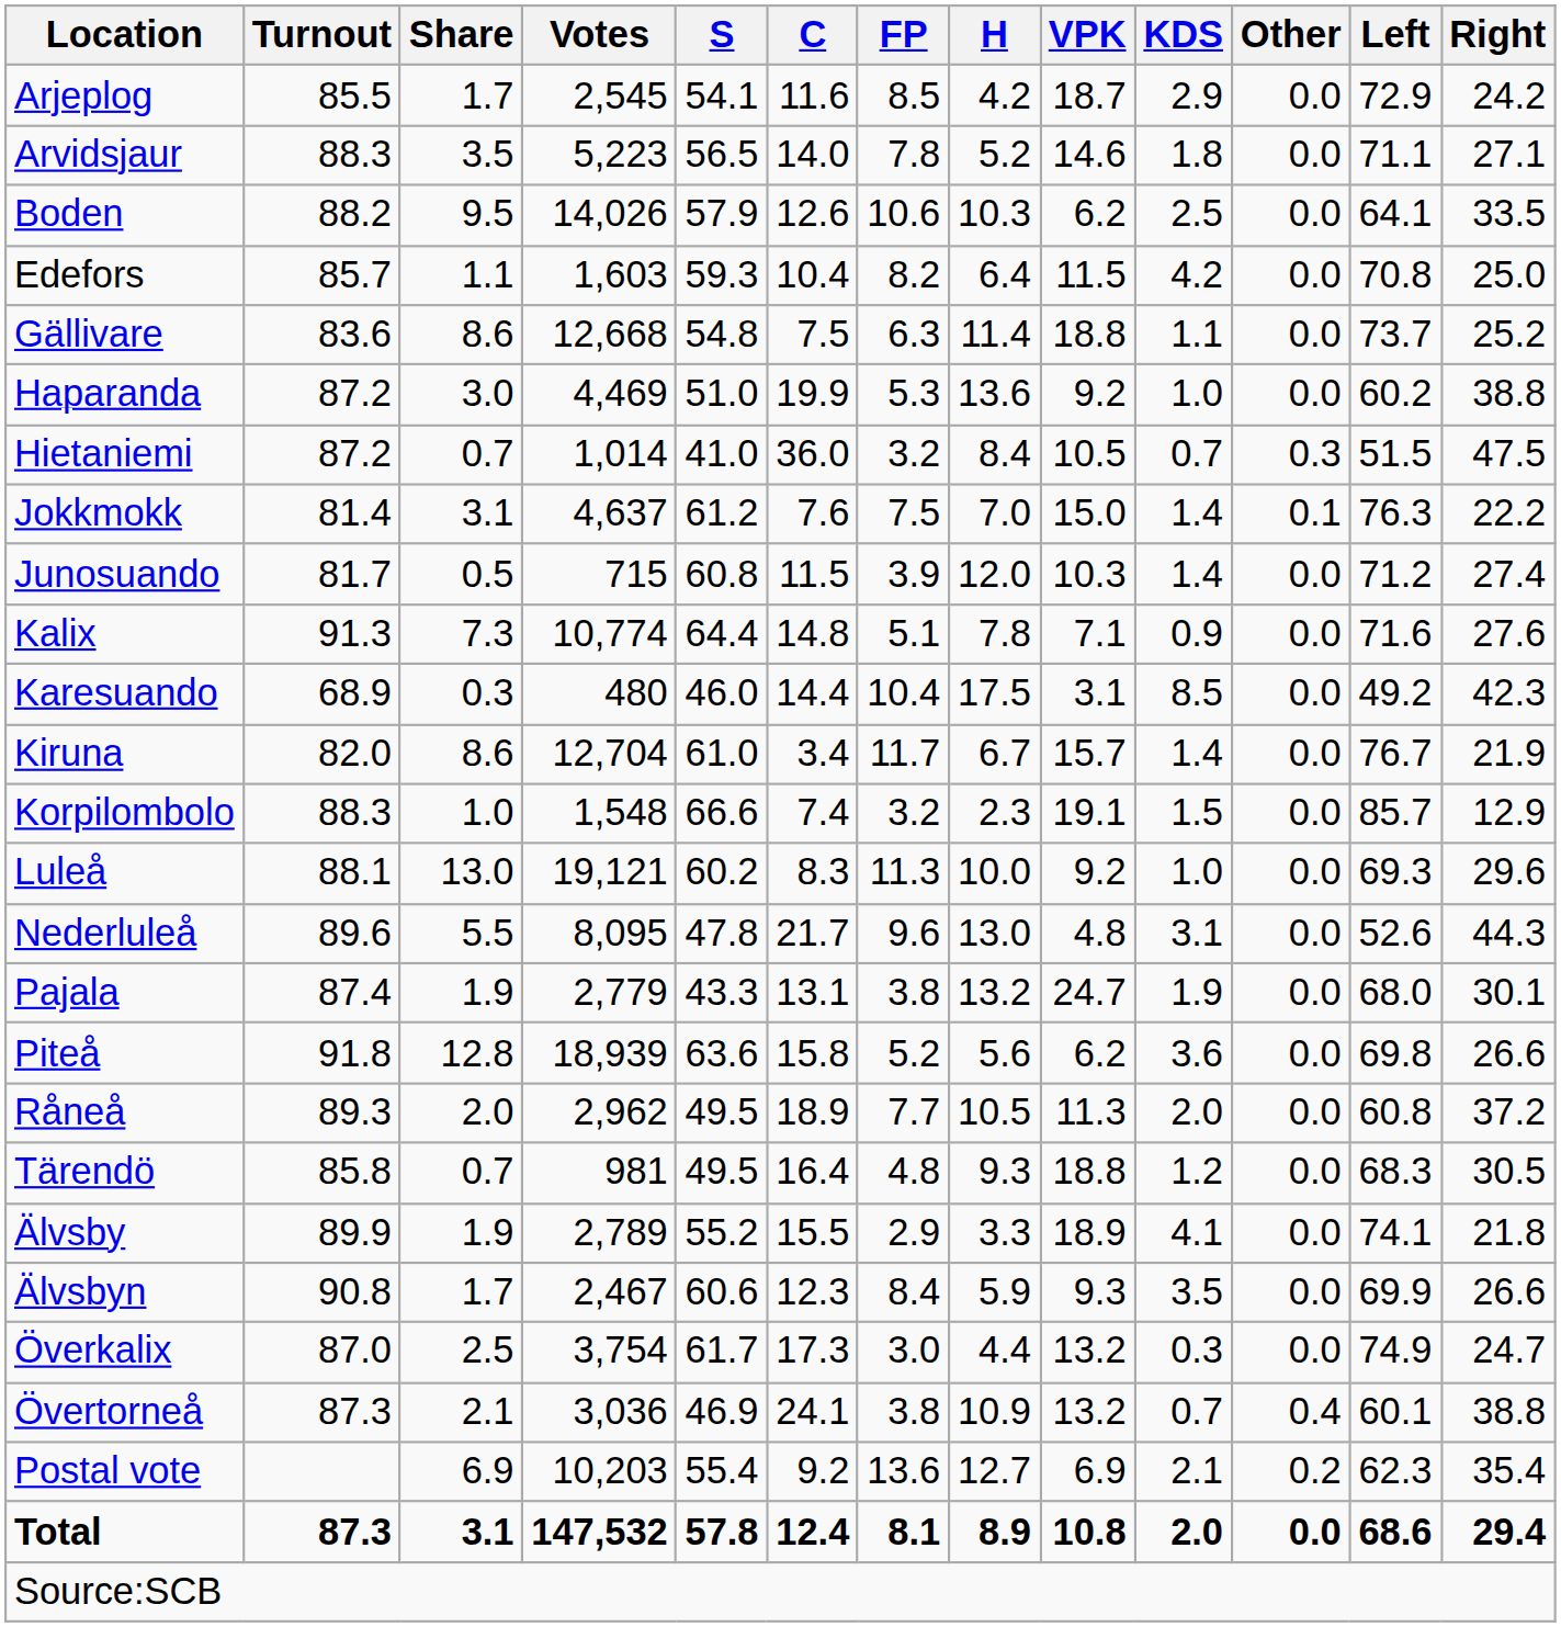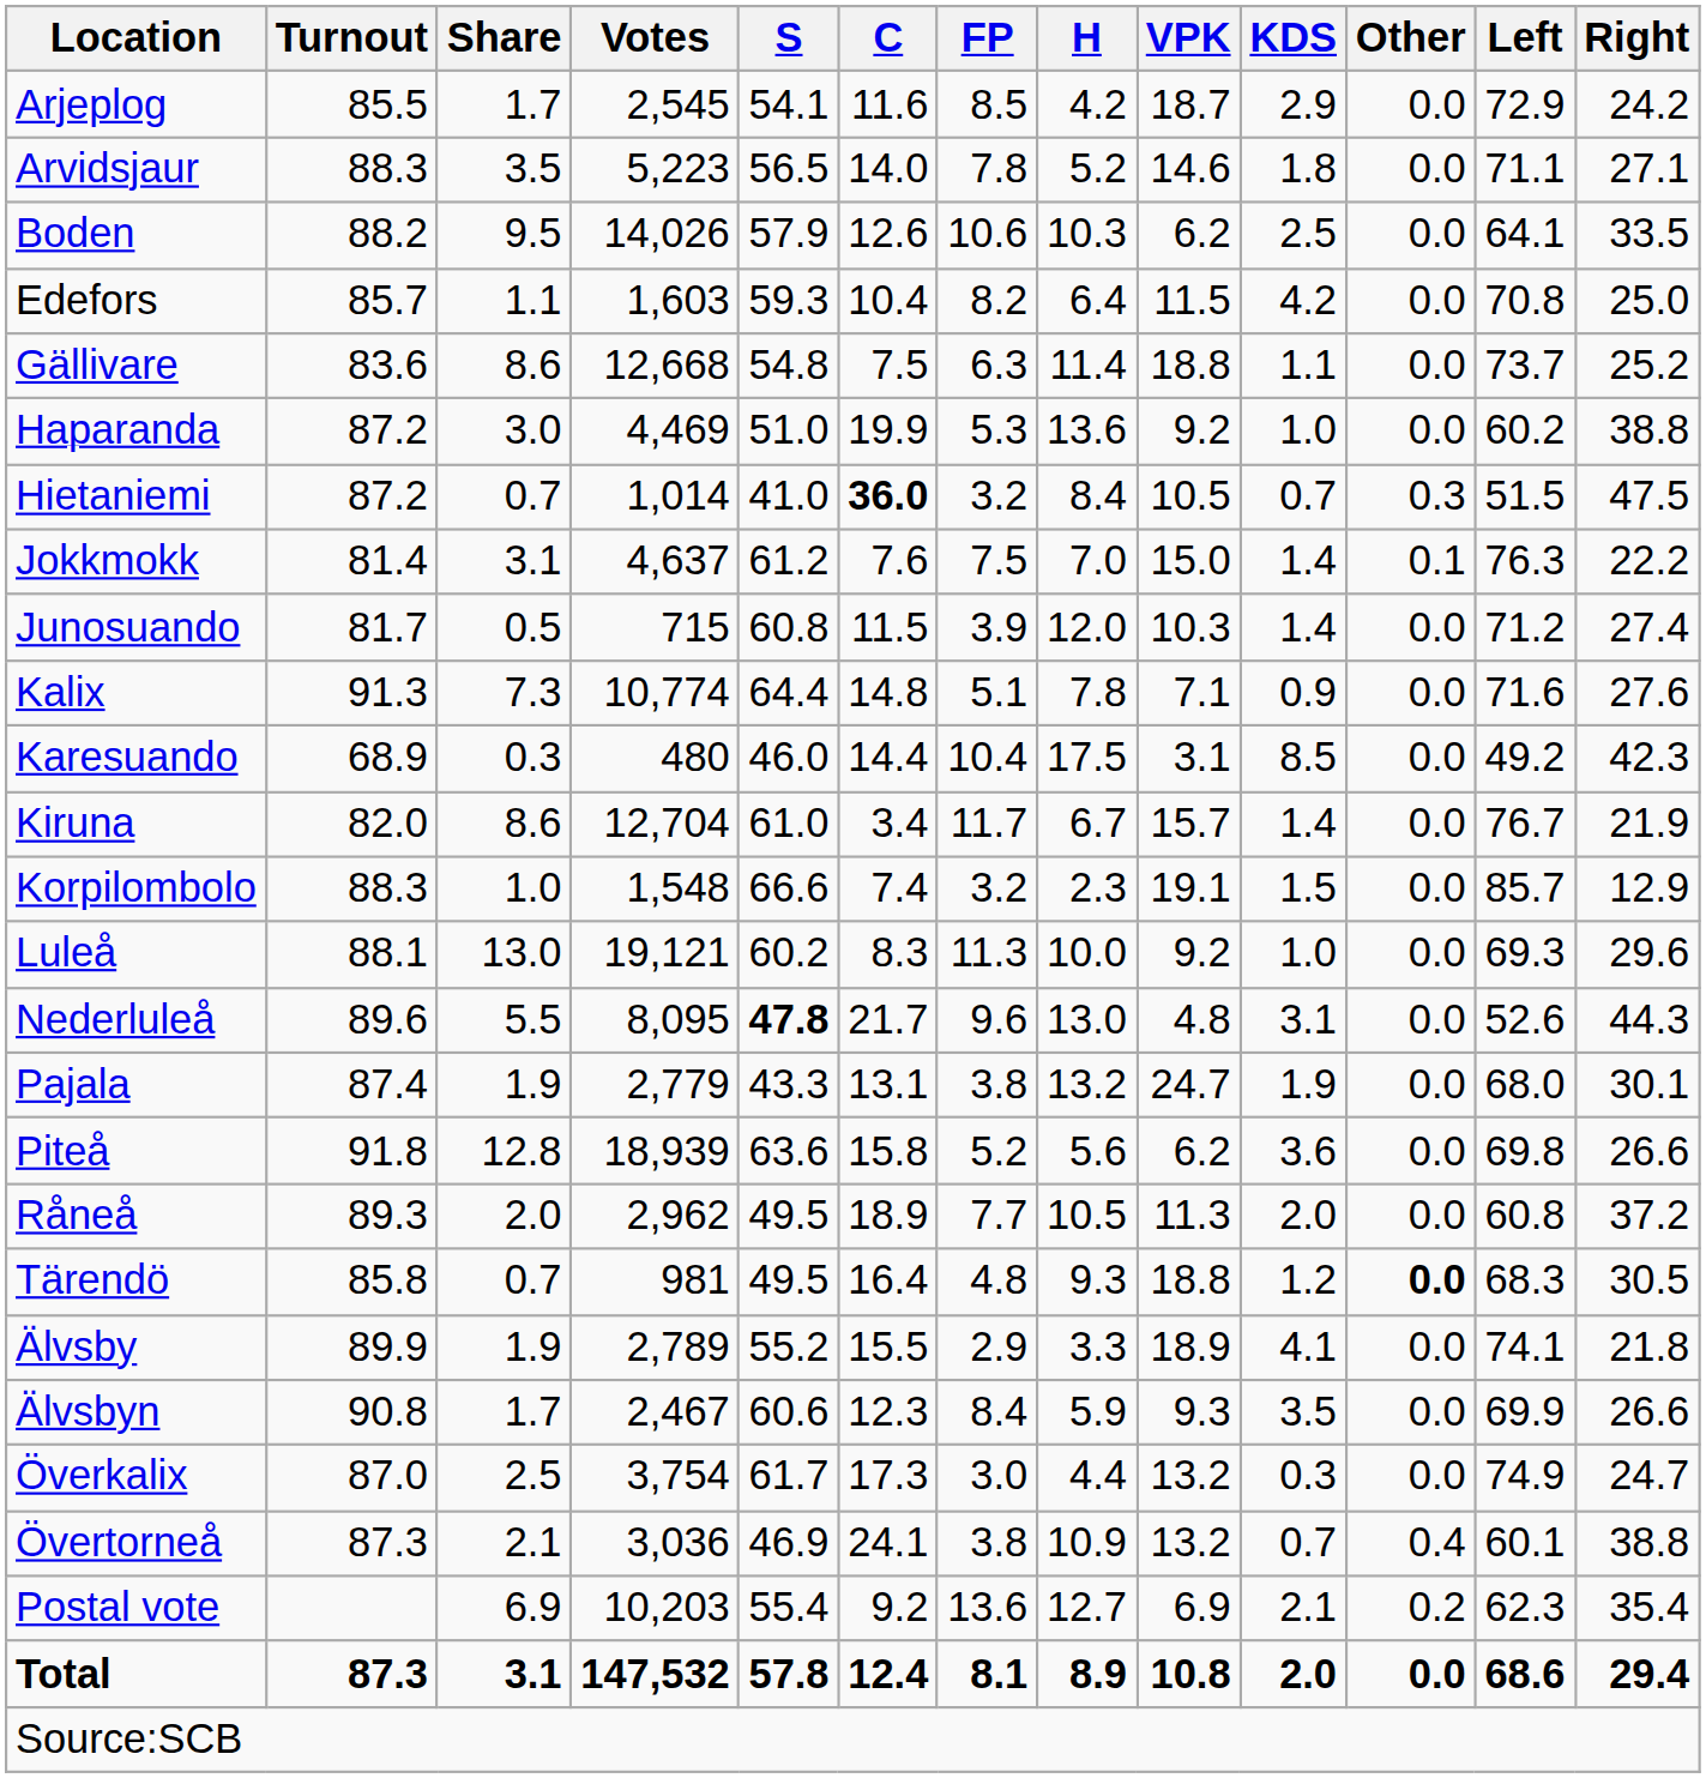 <table class="wikitable sortable" style=text-align:right>
 <tr>
 <th>Location</th>
 <th>Turnout</th>
 <th>Share</th>
 <th>Votes</th>
 <th><a href='#'>S</a></th>
 <th><a href='#'>C</a></th>
 <th><a href='#'>FP</a></th>
 <th><a href='#'>H</a></th>
 <th><a href='#'>VPK</a></th>
 <th><a href='#'>KDS</a></th>
 <th>Other</th>
 <th>Left</th>
 <th>Right</th>
 </tr>
 <tr>
 <td align=left><a href='#'>Arjeplog</a></td>
 <td>85.5</td>
 <td>1.7</td>
 <td>2,545</td>
 <td>54.1</td>
 <td>11.6</td>
 <td>8.5</td>
 <td>4.2</td>
 <td>18.7</td>
 <td>2.9</td>
 <td>0.0</td>
 <td>72.9</td>
 <td>24.2</td>
 </tr>
 <tr>
 <td align=left><a href='#'>Arvidsjaur</a></td>
 <td>88.3</td>
 <td>3.5</td>
 <td>5,223</td>
 <td>56.5</td>
 <td>14.0</td>
 <td>7.8</td>
 <td>5.2</td>
 <td>14.6</td>
 <td>1.8</td>
 <td>0.0</td>
 <td>71.1</td>
 <td>27.1</td>
 </tr>
 <tr>
 <td align=left><a href='#'>Boden</a></td>
 <td>88.2</td>
 <td>9.5</td>
 <td>14,026</td>
 <td>57.9</td>
 <td>12.6</td>
 <td>10.6</td>
 <td>10.3</td>
 <td>6.2</td>
 <td>2.5</td>
 <td>0.0</td>
 <td>64.1</td>
 <td>33.5</td>
 </tr>
 <tr>
 <td align=left>Edefors</td>
 <td>85.7</td>
 <td>1.1</td>
 <td>1,603</td>
 <td>59.3</td>
 <td>10.4</td>
 <td>8.2</td>
 <td>6.4</td>
 <td>11.5</td>
 <td>4.2</td>
 <td>0.0</td>
 <td>70.8</td>
 <td>25.0</td>
 </tr>
 <tr>
 <td align=left><a href='#'>Gällivare</a></td>
 <td>83.6</td>
 <td>8.6</td>
 <td>12,668</td>
 <td>54.8</td>
 <td>7.5</td>
 <td>6.3</td>
 <td>11.4</td>
 <td>18.8</td>
 <td>1.1</td>
 <td>0.0</td>
 <td>73.7</td>
 <td>25.2</td>
 </tr>
 <tr>
 <td align=left><a href='#'>Haparanda</a></td>
 <td>87.2</td>
 <td>3.0</td>
 <td>4,469</td>
 <td>51.0</td>
 <td>19.9</td>
 <td>5.3</td>
 <td>13.6</td>
 <td>9.2</td>
 <td>1.0</td>
 <td>0.0</td>
 <td>60.2</td>
 <td>38.8</td>
 </tr>
 <tr>
 <td align=left><a href='#'>Hietaniemi</a></td>
 <td>87.2</td>
 <td>0.7</td>
 <td>1,014</td>
 <td>41.0</td>
-<td>36.0</td>
+<td><strong>36.0</strong></td>
 <td>3.2</td>
 <td>8.4</td>
 <td>10.5</td>
 <td>0.7</td>
 <td>0.3</td>
 <td>51.5</td>
 <td>47.5</td>
 </tr>
 <tr>
 <td align=left><a href='#'>Jokkmokk</a></td>
 <td>81.4</td>
 <td>3.1</td>
 <td>4,637</td>
 <td>61.2</td>
 <td>7.6</td>
 <td>7.5</td>
 <td>7.0</td>
 <td>15.0</td>
 <td>1.4</td>
 <td>0.1</td>
 <td>76.3</td>
 <td>22.2</td>
 </tr>
 <tr>
 <td align=left><a href='#'>Junosuando</a></td>
 <td>81.7</td>
 <td>0.5</td>
 <td>715</td>
 <td>60.8</td>
 <td>11.5</td>
 <td>3.9</td>
 <td>12.0</td>
 <td>10.3</td>
 <td>1.4</td>
 <td>0.0</td>
 <td>71.2</td>
 <td>27.4</td>
 </tr>
 <tr>
 <td align=left><a href='#'>Kalix</a></td>
 <td>91.3</td>
 <td>7.3</td>
 <td>10,774</td>
 <td>64.4</td>
 <td>14.8</td>
 <td>5.1</td>
 <td>7.8</td>
 <td>7.1</td>
 <td>0.9</td>
 <td>0.0</td>
 <td>71.6</td>
 <td>27.6</td>
 </tr>
 <tr>
 <td align=left><a href='#'>Karesuando</a></td>
 <td>68.9</td>
 <td>0.3</td>
 <td>480</td>
 <td>46.0</td>
 <td>14.4</td>
 <td>10.4</td>
 <td>17.5</td>
 <td>3.1</td>
 <td>8.5</td>
 <td>0.0</td>
 <td>49.2</td>
 <td>42.3</td>
 </tr>
 <tr>
 <td align=left><a href='#'>Kiruna</a></td>
 <td>82.0</td>
 <td>8.6</td>
 <td>12,704</td>
 <td>61.0</td>
 <td>3.4</td>
 <td>11.7</td>
 <td>6.7</td>
 <td>15.7</td>
 <td>1.4</td>
 <td>0.0</td>
 <td>76.7</td>
 <td>21.9</td>
 </tr>
 <tr>
 <td align=left><a href='#'>Korpilombolo</a></td>
 <td>88.3</td>
 <td>1.0</td>
 <td>1,548</td>
 <td>66.6</td>
 <td>7.4</td>
 <td>3.2</td>
 <td>2.3</td>
 <td>19.1</td>
 <td>1.5</td>
 <td>0.0</td>
 <td>85.7</td>
 <td>12.9</td>
 </tr>
 <tr>
 <td align=left><a href='#'>Luleå</a></td>
 <td>88.1</td>
 <td>13.0</td>
 <td>19,121</td>
 <td>60.2</td>
 <td>8.3</td>
 <td>11.3</td>
 <td>10.0</td>
 <td>9.2</td>
 <td>1.0</td>
 <td>0.0</td>
 <td>69.3</td>
 <td>29.6</td>
 </tr>
 <tr>
 <td align=left><a href='#'>Nederluleå</a></td>
 <td>89.6</td>
 <td>5.5</td>
 <td>8,095</td>
-<td>47.8</td>
+<td><strong>47.8</strong></td>
 <td>21.7</td>
 <td>9.6</td>
 <td>13.0</td>
 <td>4.8</td>
 <td>3.1</td>
 <td>0.0</td>
 <td>52.6</td>
 <td>44.3</td>
 </tr>
 <tr>
 <td align=left><a href='#'>Pajala</a></td>
 <td>87.4</td>
 <td>1.9</td>
 <td>2,779</td>
 <td>43.3</td>
 <td>13.1</td>
 <td>3.8</td>
 <td>13.2</td>
 <td>24.7</td>
 <td>1.9</td>
 <td>0.0</td>
 <td>68.0</td>
 <td>30.1</td>
 </tr>
 <tr>
 <td align=left><a href='#'>Piteå</a></td>
 <td>91.8</td>
 <td>12.8</td>
 <td>18,939</td>
 <td>63.6</td>
 <td>15.8</td>
 <td>5.2</td>
 <td>5.6</td>
 <td>6.2</td>
 <td>3.6</td>
 <td>0.0</td>
 <td>69.8</td>
 <td>26.6</td>
 </tr>
 <tr>
 <td align=left><a href='#'>Råneå</a></td>
 <td>89.3</td>
 <td>2.0</td>
 <td>2,962</td>
 <td>49.5</td>
 <td>18.9</td>
 <td>7.7</td>
 <td>10.5</td>
 <td>11.3</td>
 <td>2.0</td>
 <td>0.0</td>
 <td>60.8</td>
 <td>37.2</td>
 </tr>
 <tr>
 <td align=left><a href='#'>Tärendö</a></td>
 <td>85.8</td>
 <td>0.7</td>
 <td>981</td>
 <td>49.5</td>
 <td>16.4</td>
 <td>4.8</td>
 <td>9.3</td>
 <td>18.8</td>
 <td>1.2</td>
-<td>0.0</td>
+<td><strong>0.0</strong></td>
 <td>68.3</td>
 <td>30.5</td>
 </tr>
 <tr>
 <td align=left><a href='#'>Älvsby</a></td>
 <td>89.9</td>
 <td>1.9</td>
 <td>2,789</td>
 <td>55.2</td>
 <td>15.5</td>
 <td>2.9</td>
 <td>3.3</td>
 <td>18.9</td>
 <td>4.1</td>
 <td>0.0</td>
 <td>74.1</td>
 <td>21.8</td>
 </tr>
 <tr>
 <td align=left><a href='#'>Älvsbyn</a></td>
 <td>90.8</td>
 <td>1.7</td>
 <td>2,467</td>
 <td>60.6</td>
 <td>12.3</td>
 <td>8.4</td>
 <td>5.9</td>
 <td>9.3</td>
 <td>3.5</td>
 <td>0.0</td>
 <td>69.9</td>
 <td>26.6</td>
 </tr>
 <tr>
 <td align=left><a href='#'>Överkalix</a></td>
 <td>87.0</td>
 <td>2.5</td>
 <td>3,754</td>
 <td>61.7</td>
 <td>17.3</td>
 <td>3.0</td>
 <td>4.4</td>
 <td>13.2</td>
 <td>0.3</td>
 <td>0.0</td>
 <td>74.9</td>
 <td>24.7</td>
 </tr>
 <tr>
 <td align=left><a href='#'>Övertorneå</a></td>
 <td>87.3</td>
 <td>2.1</td>
 <td>3,036</td>
 <td>46.9</td>
 <td>24.1</td>
 <td>3.8</td>
 <td>10.9</td>
 <td>13.2</td>
 <td>0.7</td>
 <td>0.4</td>
 <td>60.1</td>
 <td>38.8</td>
 </tr>
 <tr>
 <td align=left><a href='#'>Postal vote</a></td>
 <td></td>
 <td>6.9</td>
 <td>10,203</td>
 <td>55.4</td>
 <td>9.2</td>
 <td>13.6</td>
 <td>12.7</td>
 <td>6.9</td>
 <td>2.1</td>
 <td>0.2</td>
 <td>62.3</td>
 <td>35.4</td>
 </tr>
 <tr>
 <td align=left><strong>Total</strong></td>
 <td><strong>87.3</strong></td>
 <td><strong>3.1</strong></td>
 <td><strong>147,532</strong></td>
 <td><strong>57.8</strong></td>
 <td><strong>12.4</strong></td>
 <td><strong>8.1</strong></td>
 <td><strong>8.9</strong></td>
 <td><strong>10.8</strong></td>
 <td><strong>2.0</strong></td>
 <td><strong>0.0</strong></td>
 <td><strong>68.6</strong></td>
 <td><strong>29.4</strong></td>
 </tr>
 <tr>
 <td align=left colspan=13>Source:SCB </td>
 </tr>
 </table>
